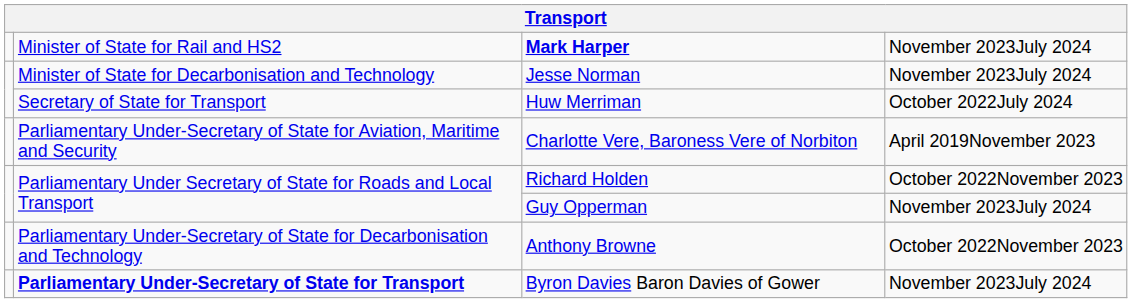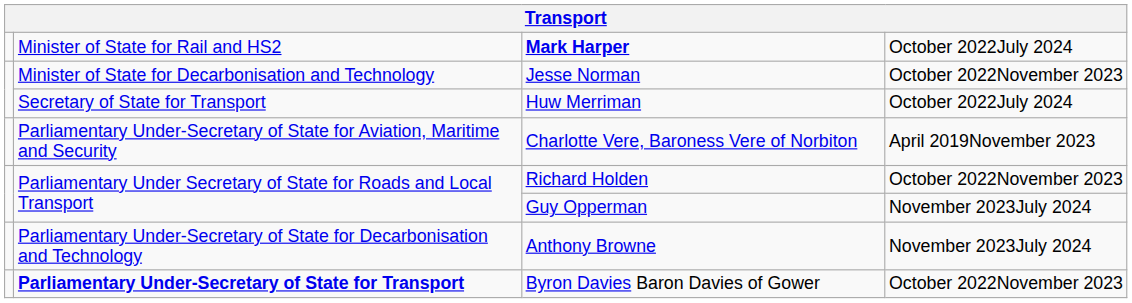 <table class="wikitable">
 <tr>
 <th colspan="5"><a href='#'>Transport</a></th>
 </tr>
 <tr>
 <td style="width: 1px; background: "></td>
 <td><a href='#'>Minister of State for Rail and HS2</a></td>
 <td style="width: 320px;"><strong><a href='#'>Mark Harper</a></strong></td>
-<td>November 2023July 2024</td>
+<td>October 2022July 2024</td>
 </tr>
 <tr>
 <td rowspan="2" style="width: 1px; background: "></td>
 <td><a href='#'>Minister of State for Decarbonisation and Technology</a></td>
 <td style="width: 320px;"><a href='#'>Jesse Norman</a></td>
-<td>November 2023July 2024</td>
+<td>October 2022November 2023</td>
 </tr>
 <tr>
 <td style="width: 450px;"><a href='#'>Secretary of State for Transport</a></td>
 <td style="width: 320px;"><a href='#'>Huw Merriman</a></td>
 <td>October 2022July 2024</td>
 </tr>
 <tr>
 <td style="width: 1px; background: "></td>
 <td><a href='#'>Parliamentary Under-Secretary of State for Aviation, Maritime and Security</a></td>
 <td><a href='#'>Charlotte Vere, Baroness Vere of Norbiton</a></td>
 <td>April 2019November 2023</td>
 </tr>
 <tr>
 <td rowspan="2" style="width: 1px; background: "></td>
 <td rowspan="2"><a href='#'>Parliamentary Under Secretary of State for Roads and Local Transport</a></td>
 <td><a href='#'>Richard Holden</a></td>
 <td>October 2022November 2023</td>
 </tr>
 <tr>
 <td><a href='#'>Guy Opperman</a></td>
 <td>November 2023July 2024</td>
 </tr>
 <tr>
 <td rowspan="1" style="width: 1px; background: "></td>
 <td><a href='#'>Parliamentary Under-Secretary of State for Decarbonisation and Technology</a></td>
 <td><a href='#'>Anthony Browne</a></td>
-<td>October 2022November 2023</td>
+<td>November 2023July 2024</td>
 </tr>
 <tr>
 <td style="width: 1px; background: "></td>
 <td><strong><a href='#'>Parliamentary Under-Secretary of State for Transport</a></strong></td>
 <td><a href='#'>Byron Davies</a> Baron Davies of Gower</td>
-<td>November 2023July 2024</td>
+<td>October 2022November 2023</td>
 </tr>
 </table>
